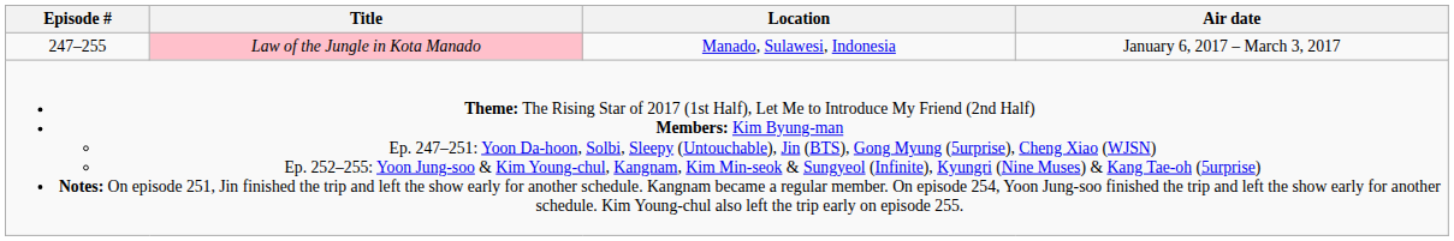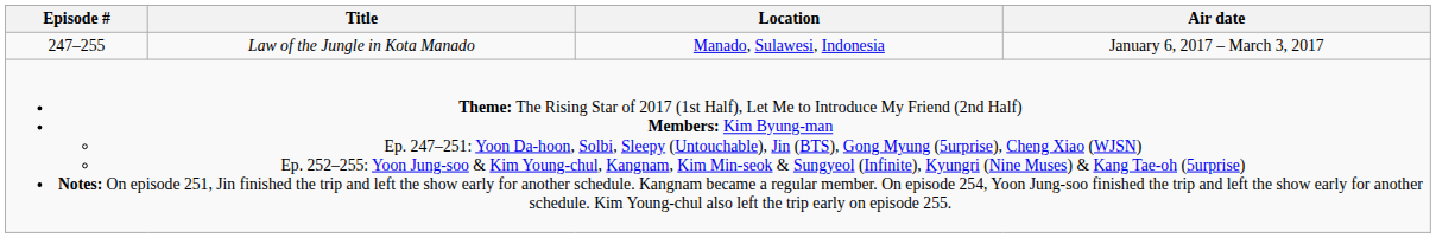 <table class="wikitable" style="text-align:center; font-size:90%; width:100%;">
 <tr>
 <th width="10%">Episode #</th>
 <th width="30%">Title</th>
 <th width="30%">Location</th>
 <th width="30%">Air date</th>
 </tr>
 <tr>
 <td>247–255</td>
-<td style="background: pink;"><em>Law of the Jungle in Kota Manado</em></td>
+<td><em>Law of the Jungle in Kota Manado</em></td>
 <td><a href='#'>Manado</a>, <a href='#'>Sulawesi</a>, <a href='#'>Indonesia</a></td>
 <td>January 6, 2017 – March 3, 2017</td>
 </tr>
 <tr>
 <td colspan="4"><br><ul><li><strong>Theme:</strong> The Rising Star of 2017 (1st Half), Let Me to Introduce My Friend (2nd Half)</li><li><strong>Members:</strong> <a href='#'>Kim Byung-man</a><ul><li>Ep. 247–251: <a href='#'>Yoon Da-hoon</a>, <a href='#'>Solbi</a>, <a href='#'>Sleepy</a> (<a href='#'>Untouchable</a>), <a href='#'>Jin</a> (<a href='#'>BTS</a>), <a href='#'>Gong Myung</a> (<a href='#'>5urprise</a>), <a href='#'>Cheng Xiao</a> (<a href='#'>WJSN</a>)</li><li>Ep. 252–255: <a href='#'>Yoon Jung-soo</a> & <a href='#'>Kim Young-chul</a>, <a href='#'>Kangnam</a>, <a href='#'>Kim Min-seok</a> & <a href='#'>Sungyeol</a> (<a href='#'>Infinite</a>), <a href='#'>Kyungri</a> (<a href='#'>Nine Muses</a>) & <a href='#'>Kang Tae-oh</a> (<a href='#'>5urprise</a>)</li></ul></li><li><strong>Notes:</strong> On episode 251, Jin finished the trip and left the show early for another schedule. Kangnam became a regular member. On episode 254, Yoon Jung-soo finished the trip and left the show early for another schedule. Kim Young-chul also left the trip early on episode 255.</li></ul></td>
 </tr>
 </table>
